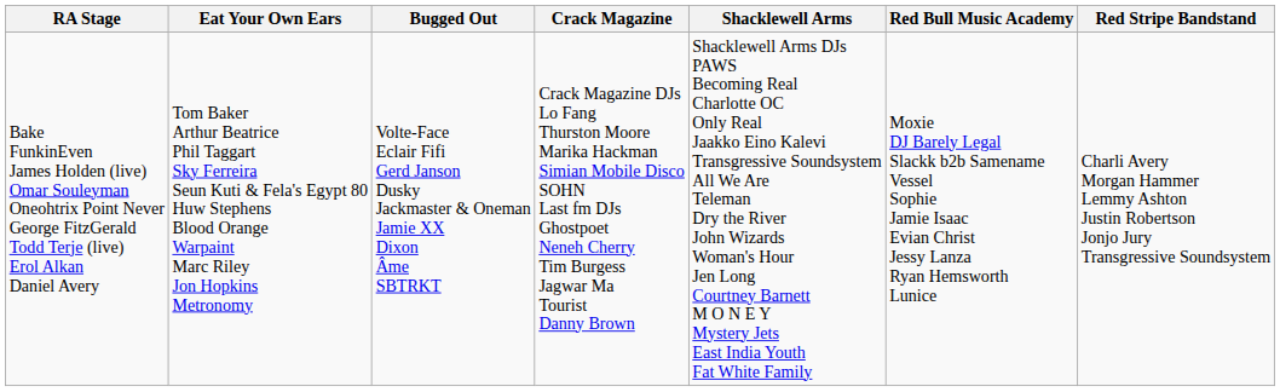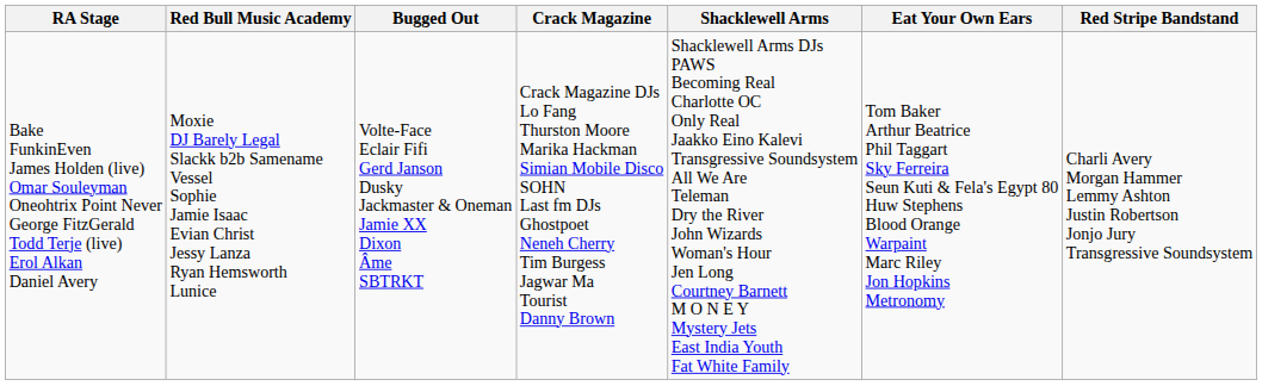 <table class="wikitable">
 <tr>
 <th>RA Stage</th>
-<th>Eat Your Own Ears</th>
+<th>Red Bull Music Academy</th>
 <th>Bugged Out</th>
 <th>Crack Magazine</th>
 <th>Shacklewell Arms</th>
-<th>Red Bull Music Academy</th>
+<th>Eat Your Own Ears</th>
 <th>Red Stripe Bandstand</th>
 </tr>
 <tr>
 <td>Bake<br>FunkinEven<br>James Holden (live)<br><a href='#'>Omar Souleyman</a><br>Oneohtrix Point Never<br>George FitzGerald<br><a href='#'>Todd Terje</a> (live)<br><a href='#'>Erol Alkan</a><br>Daniel Avery</td>
-<td>Tom Baker<br>Arthur Beatrice<br>Phil Taggart<br><a href='#'>Sky Ferreira</a><br>Seun Kuti & Fela's Egypt 80<br>Huw Stephens<br>Blood Orange<br><a href='#'>Warpaint</a><br>Marc Riley<br><a href='#'>Jon Hopkins</a><br><a href='#'>Metronomy</a></td>
+<td>Moxie<br><a href='#'>DJ Barely Legal</a><br>Slackk b2b Samename<br>Vessel<br>Sophie<br>Jamie Isaac<br>Evian Christ<br>Jessy Lanza<br>Ryan Hemsworth<br>Lunice</td>
 <td>Volte-Face<br>Eclair Fifi<br><a href='#'>Gerd Janson</a><br>Dusky<br>Jackmaster & Oneman<br><a href='#'>Jamie XX</a><br><a href='#'>Dixon</a><br><a href='#'>Âme</a><br><a href='#'>SBTRKT</a></td>
 <td>Crack Magazine DJs<br>Lo Fang<br>Thurston Moore<br>Marika Hackman<br><a href='#'>Simian Mobile Disco</a><br>SOHN<br>Last fm DJs<br>Ghostpoet<br><a href='#'>Neneh Cherry</a><br>Tim Burgess<br>Jagwar Ma<br>Tourist<br><a href='#'>Danny Brown</a></td>
 <td>Shacklewell Arms DJs<br>PAWS<br>Becoming Real<br>Charlotte OC<br>Only Real<br>Jaakko Eino Kalevi<br>Transgressive Soundsystem<br>All We Are<br>Teleman<br>Dry the River<br>John Wizards<br>Woman's Hour<br>Jen Long<br><a href='#'>Courtney Barnett</a><br>M O N E Y<br><a href='#'>Mystery Jets</a><br><a href='#'>East India Youth</a><br><a href='#'>Fat White Family</a></td>
-<td>Moxie<br><a href='#'>DJ Barely Legal</a><br>Slackk b2b Samename<br>Vessel<br>Sophie<br>Jamie Isaac<br>Evian Christ<br>Jessy Lanza<br>Ryan Hemsworth<br>Lunice</td>
+<td>Tom Baker<br>Arthur Beatrice<br>Phil Taggart<br><a href='#'>Sky Ferreira</a><br>Seun Kuti & Fela's Egypt 80<br>Huw Stephens<br>Blood Orange<br><a href='#'>Warpaint</a><br>Marc Riley<br><a href='#'>Jon Hopkins</a><br><a href='#'>Metronomy</a></td>
 <td>Charli Avery<br>Morgan Hammer<br>Lemmy Ashton<br>Justin Robertson<br>Jonjo Jury<br>Transgressive Soundsystem</td>
 </tr>
 </table>
